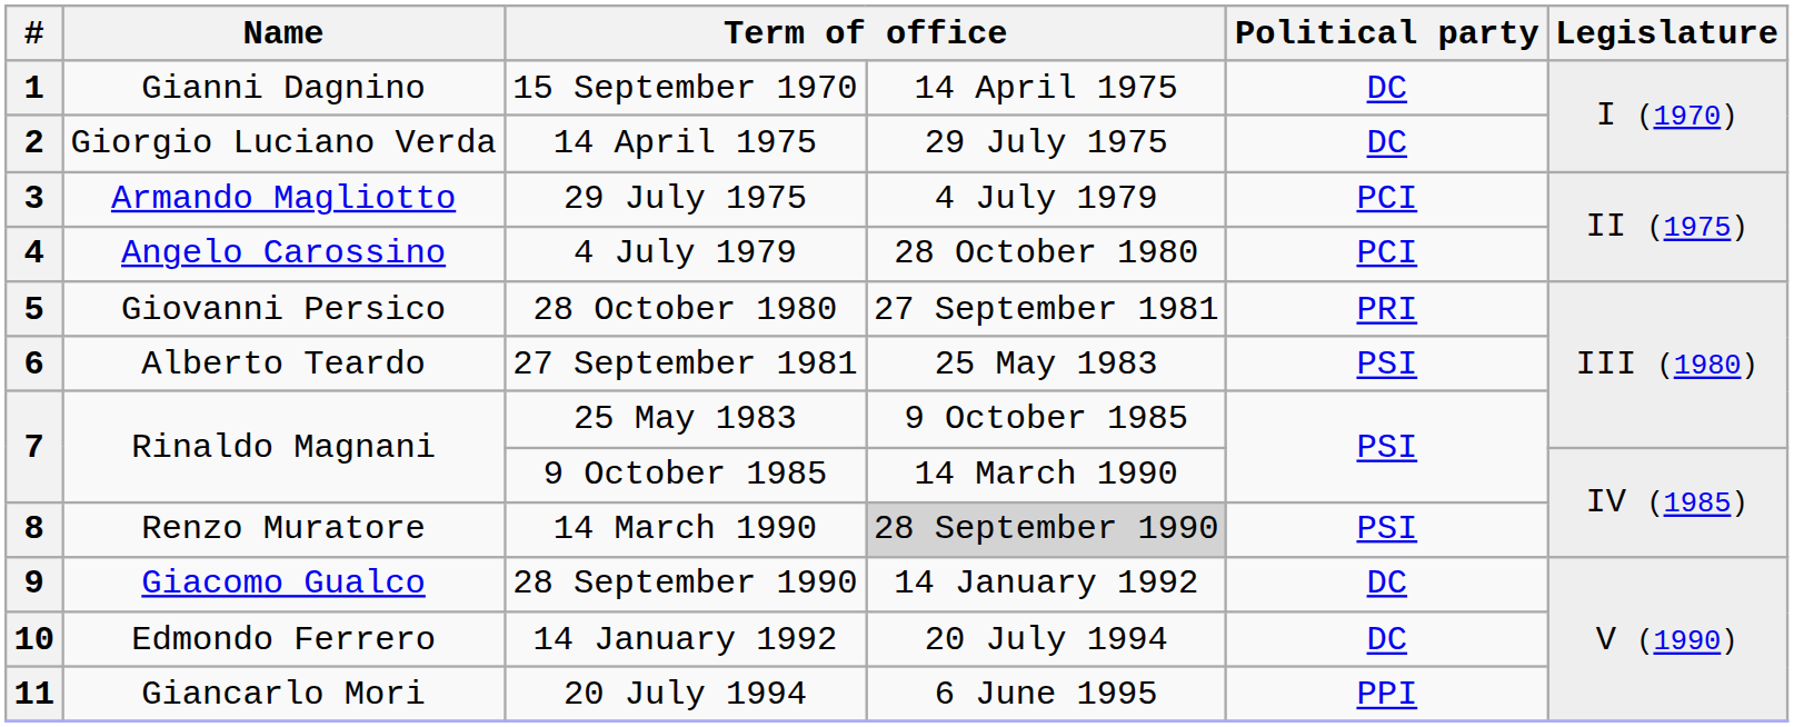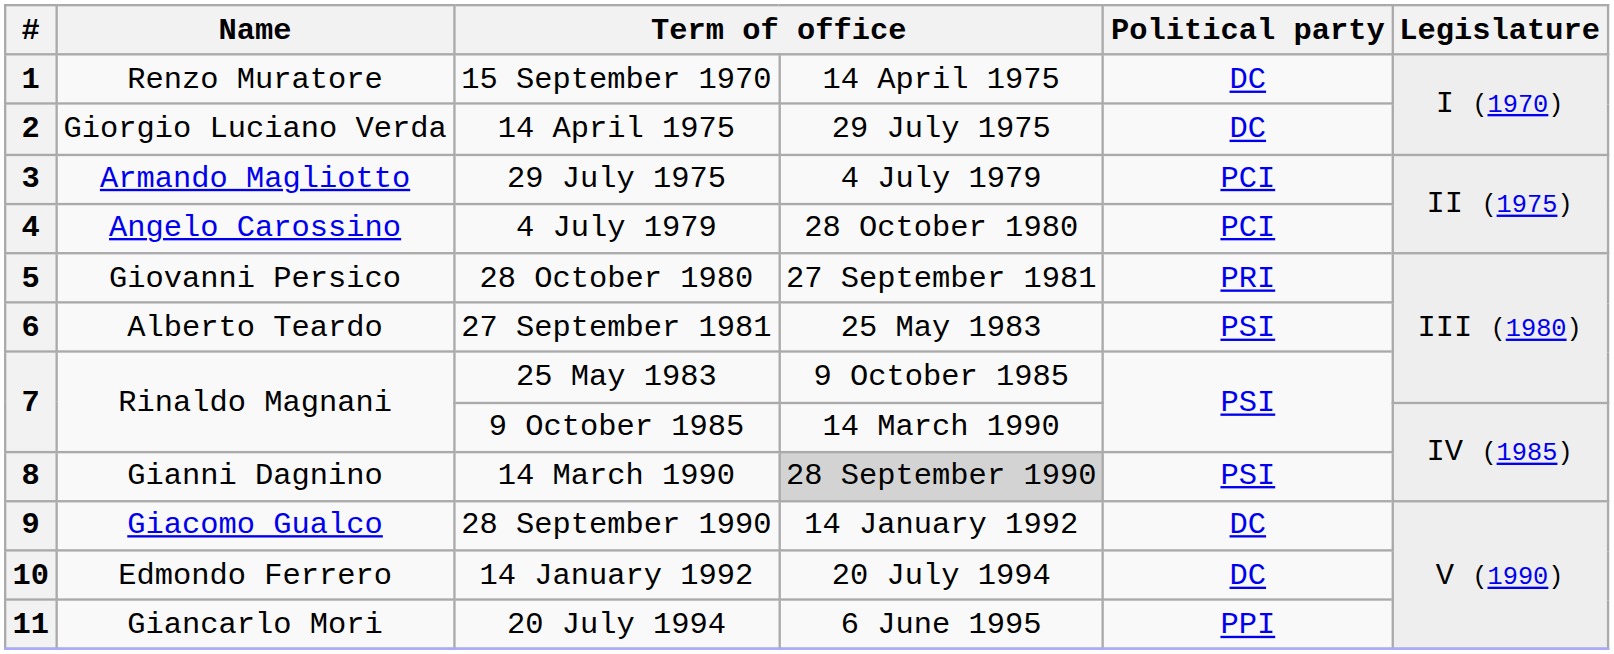 <table class="wikitable" style="text-align:center; border:1px #AAAAFF solid">
 <tr>
 <th>#</th>
 <th>Name</th>
 <th colspan=2>Term of office</th>
 <th>Political party</th>
 <th>Legislature</th>
 </tr>
 <tr>
 <th style="background:">1</th>
-<td>Gianni Dagnino</td>
+<td>Renzo Muratore</td>
 <td>15 September 1970</td>
 <td>14 April 1975</td>
 <td><a href='#'>DC</a></td>
 <td rowspan=2 bgcolor=#EEEEEE>I <small>(<a href='#'>1970</a>)</small></td>
 </tr>
 <tr>
 <th style="background:">2</th>
 <td>Giorgio Luciano Verda</td>
 <td>14 April 1975</td>
 <td>29 July 1975</td>
 <td><a href='#'>DC</a></td>
 </tr>
 <tr>
 <th style="background:">3</th>
 <td><a href='#'>Armando Magliotto</a></td>
 <td>29 July 1975</td>
 <td>4 July 1979</td>
 <td><a href='#'>PCI</a></td>
 <td rowspan=2 bgcolor=#EEEEEE>II <small>(<a href='#'>1975</a>)</small></td>
 </tr>
 <tr>
 <th style="background:">4</th>
 <td><a href='#'>Angelo Carossino</a></td>
 <td>4 July 1979</td>
 <td>28 October 1980</td>
 <td><a href='#'>PCI</a></td>
 </tr>
 <tr>
 <th style="background:">5</th>
 <td>Giovanni Persico</td>
 <td>28 October 1980</td>
 <td>27 September 1981</td>
 <td><a href='#'>PRI</a></td>
 <td rowspan=3 bgcolor=#EEEEEE>III <small>(<a href='#'>1980</a>)</small></td>
 </tr>
 <tr>
 <th style="background:">6</th>
 <td>Alberto Teardo</td>
 <td>27 September 1981</td>
 <td>25 May 1983</td>
 <td><a href='#'>PSI</a></td>
 </tr>
 <tr>
 <th rowspan=2 style="background:">7</th>
 <td rowspan=2>Rinaldo Magnani</td>
 <td>25 May 1983</td>
 <td>9 October 1985</td>
 <td rowspan=2><a href='#'>PSI</a></td>
 </tr>
 <tr>
 <td>9 October 1985</td>
 <td>14 March 1990</td>
 <td rowspan=2 bgcolor=#EEEEEE>IV <small>(<a href='#'>1985</a>)</small></td>
 </tr>
 <tr>
 <th style="background:">8</th>
-<td>Renzo Muratore</td>
+<td>Gianni Dagnino</td>
 <td>14 March 1990</td>
 <td style="background: lightgrey;">28 September 1990</td>
 <td><a href='#'>PSI</a></td>
 </tr>
 <tr>
 <th style="background:">9</th>
 <td><a href='#'>Giacomo Gualco</a></td>
 <td>28 September 1990</td>
 <td>14 January 1992</td>
 <td><a href='#'>DC</a></td>
 <td rowspan=3 bgcolor=#EEEEEE>V <small>(<a href='#'>1990</a>)</small></td>
 </tr>
 <tr>
 <th style="background:">10</th>
 <td>Edmondo Ferrero</td>
 <td>14 January 1992</td>
 <td>20 July 1994</td>
 <td><a href='#'>DC</a></td>
 </tr>
 <tr>
 <th style="background:">11</th>
 <td>Giancarlo Mori</td>
 <td>20 July 1994</td>
 <td>6 June 1995</td>
 <td><a href='#'>PPI</a></td>
 </tr>
 <tr>
 </tr>
 </table>
